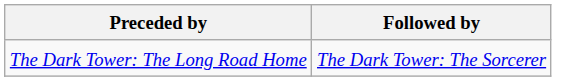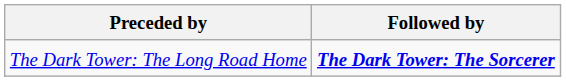 <table class="wikitable">
 <tr>
 <th><small><strong>Preceded by</strong></small></th>
 <th><small><strong>Followed by</strong></small></th>
 </tr>
 <tr>
 <td><small><em><a href='#'>The Dark Tower: The Long Road Home</a></em></small></td>
-<td><small><em><a href='#'>The Dark Tower: The Sorcerer</a></em></small></td>
+<td><strong><small><em><a href='#'>The Dark Tower: The Sorcerer</a></em></small></strong></td>
 </tr>
 </table>
